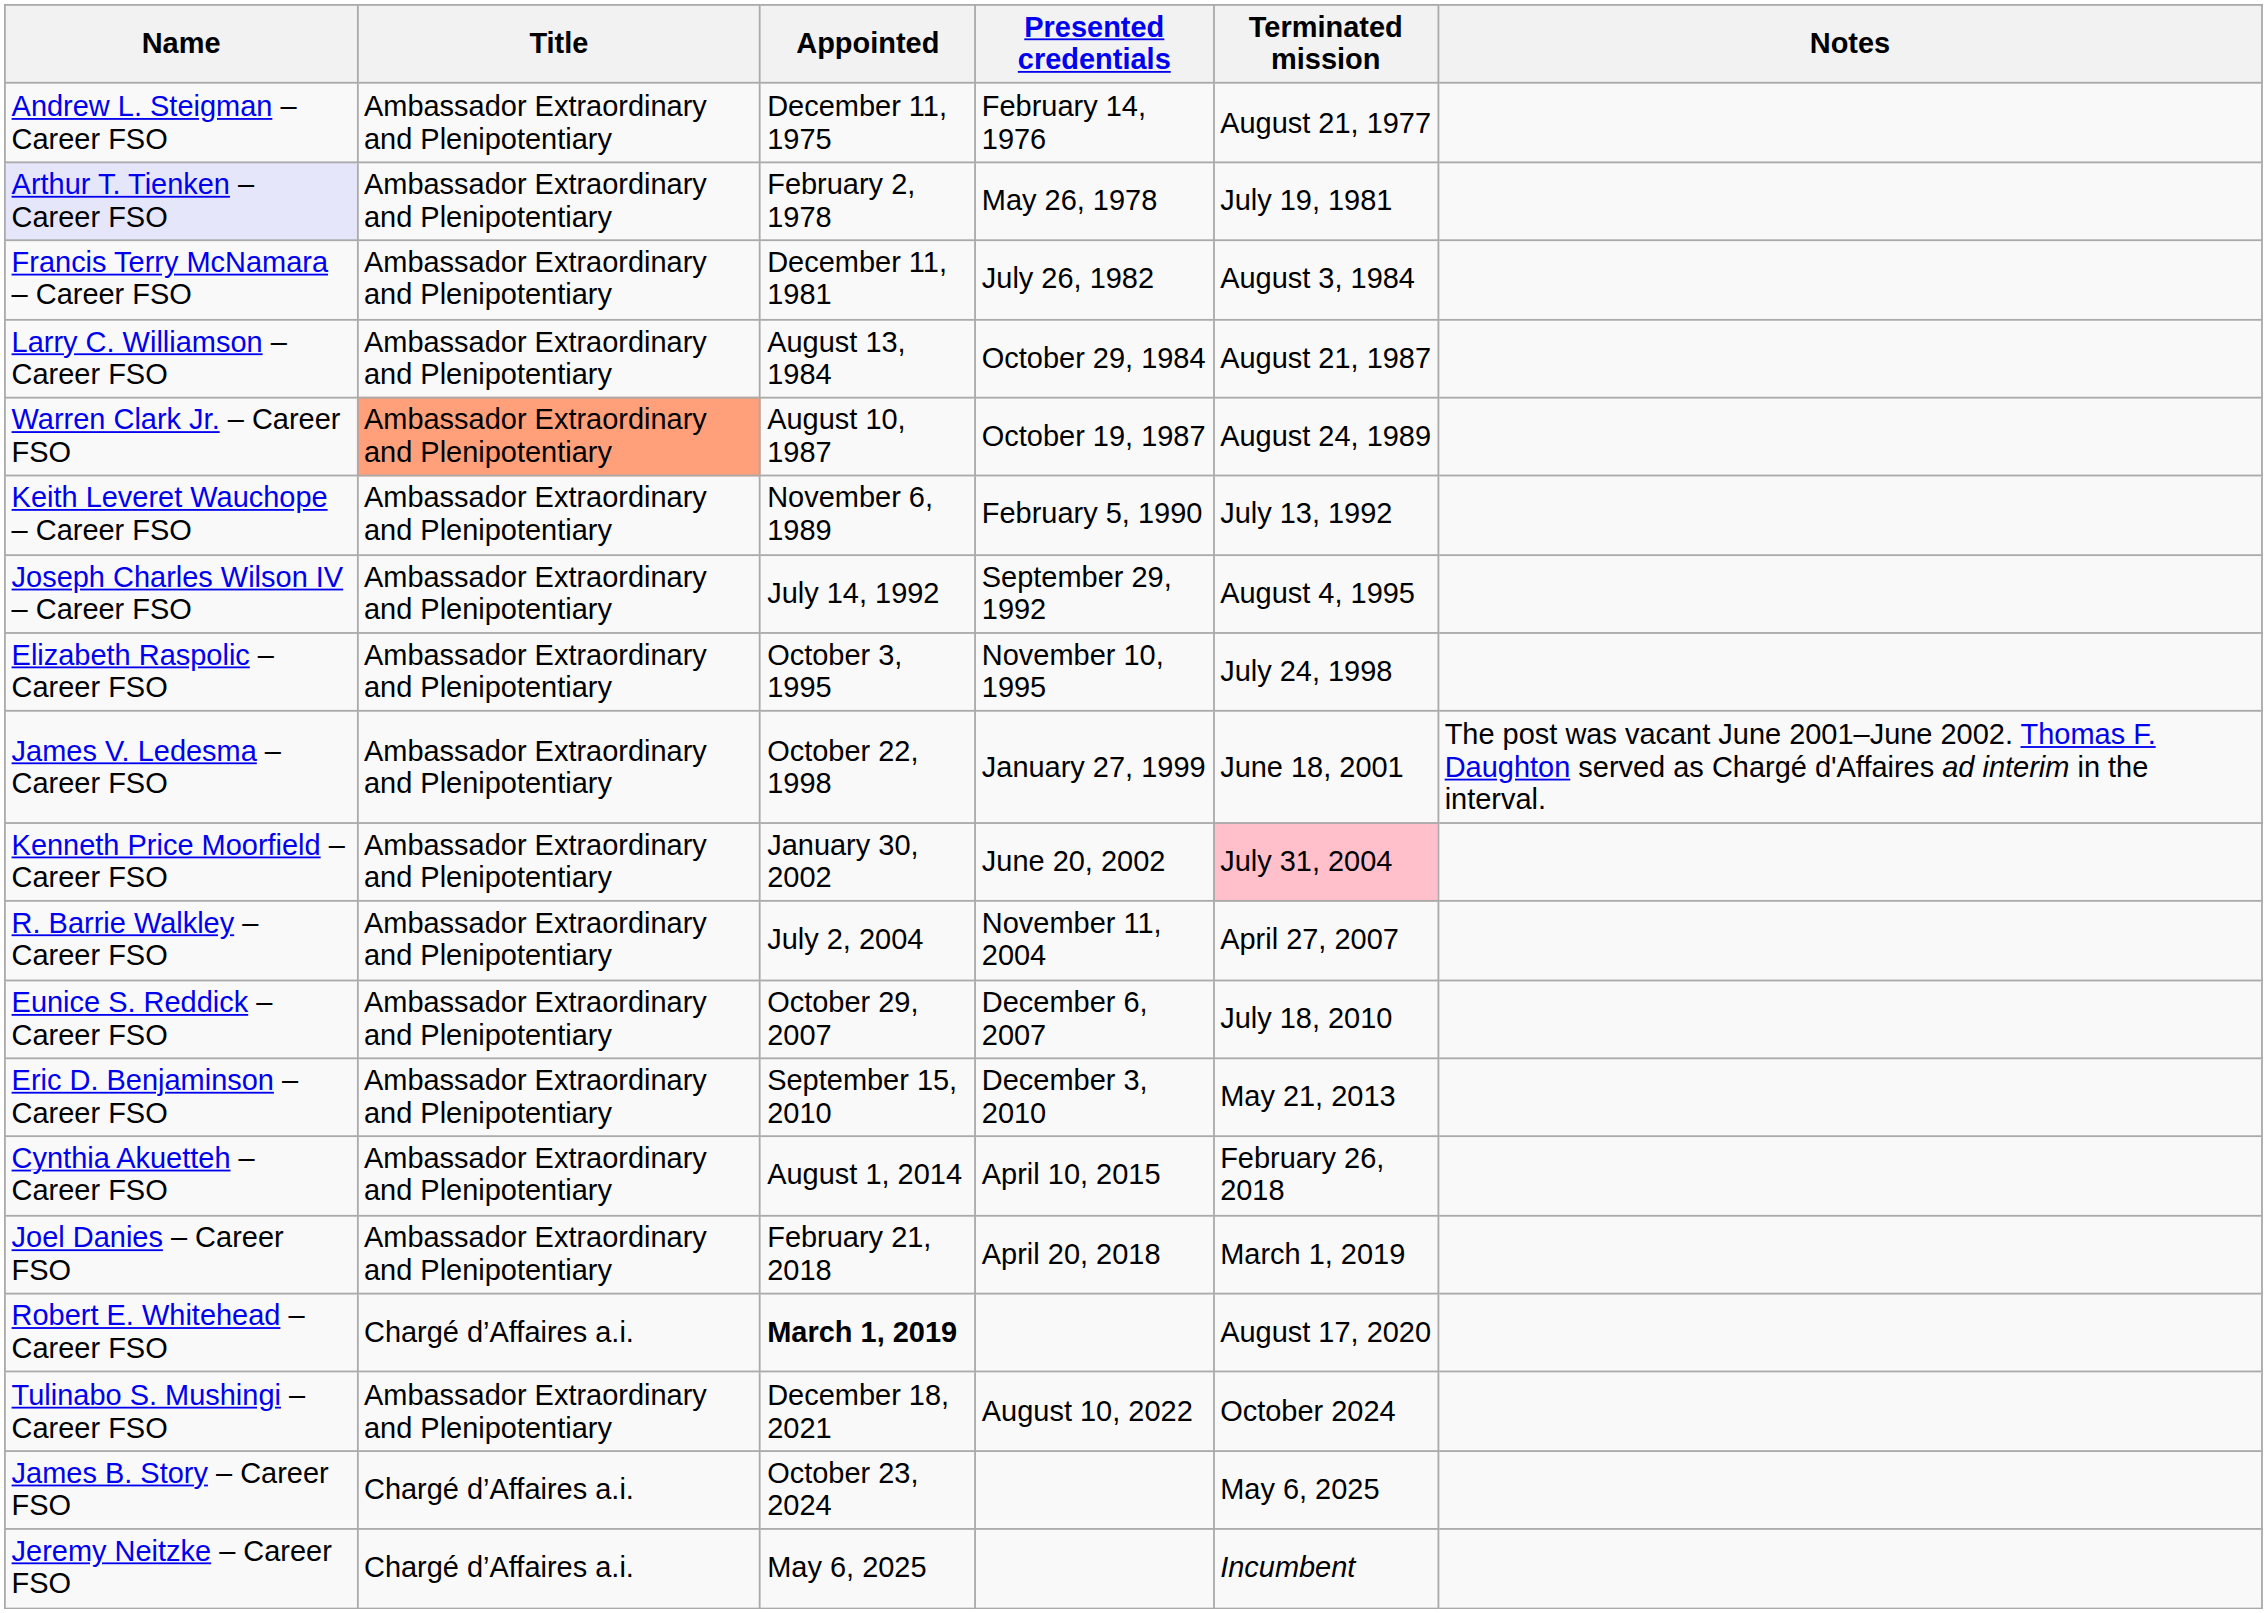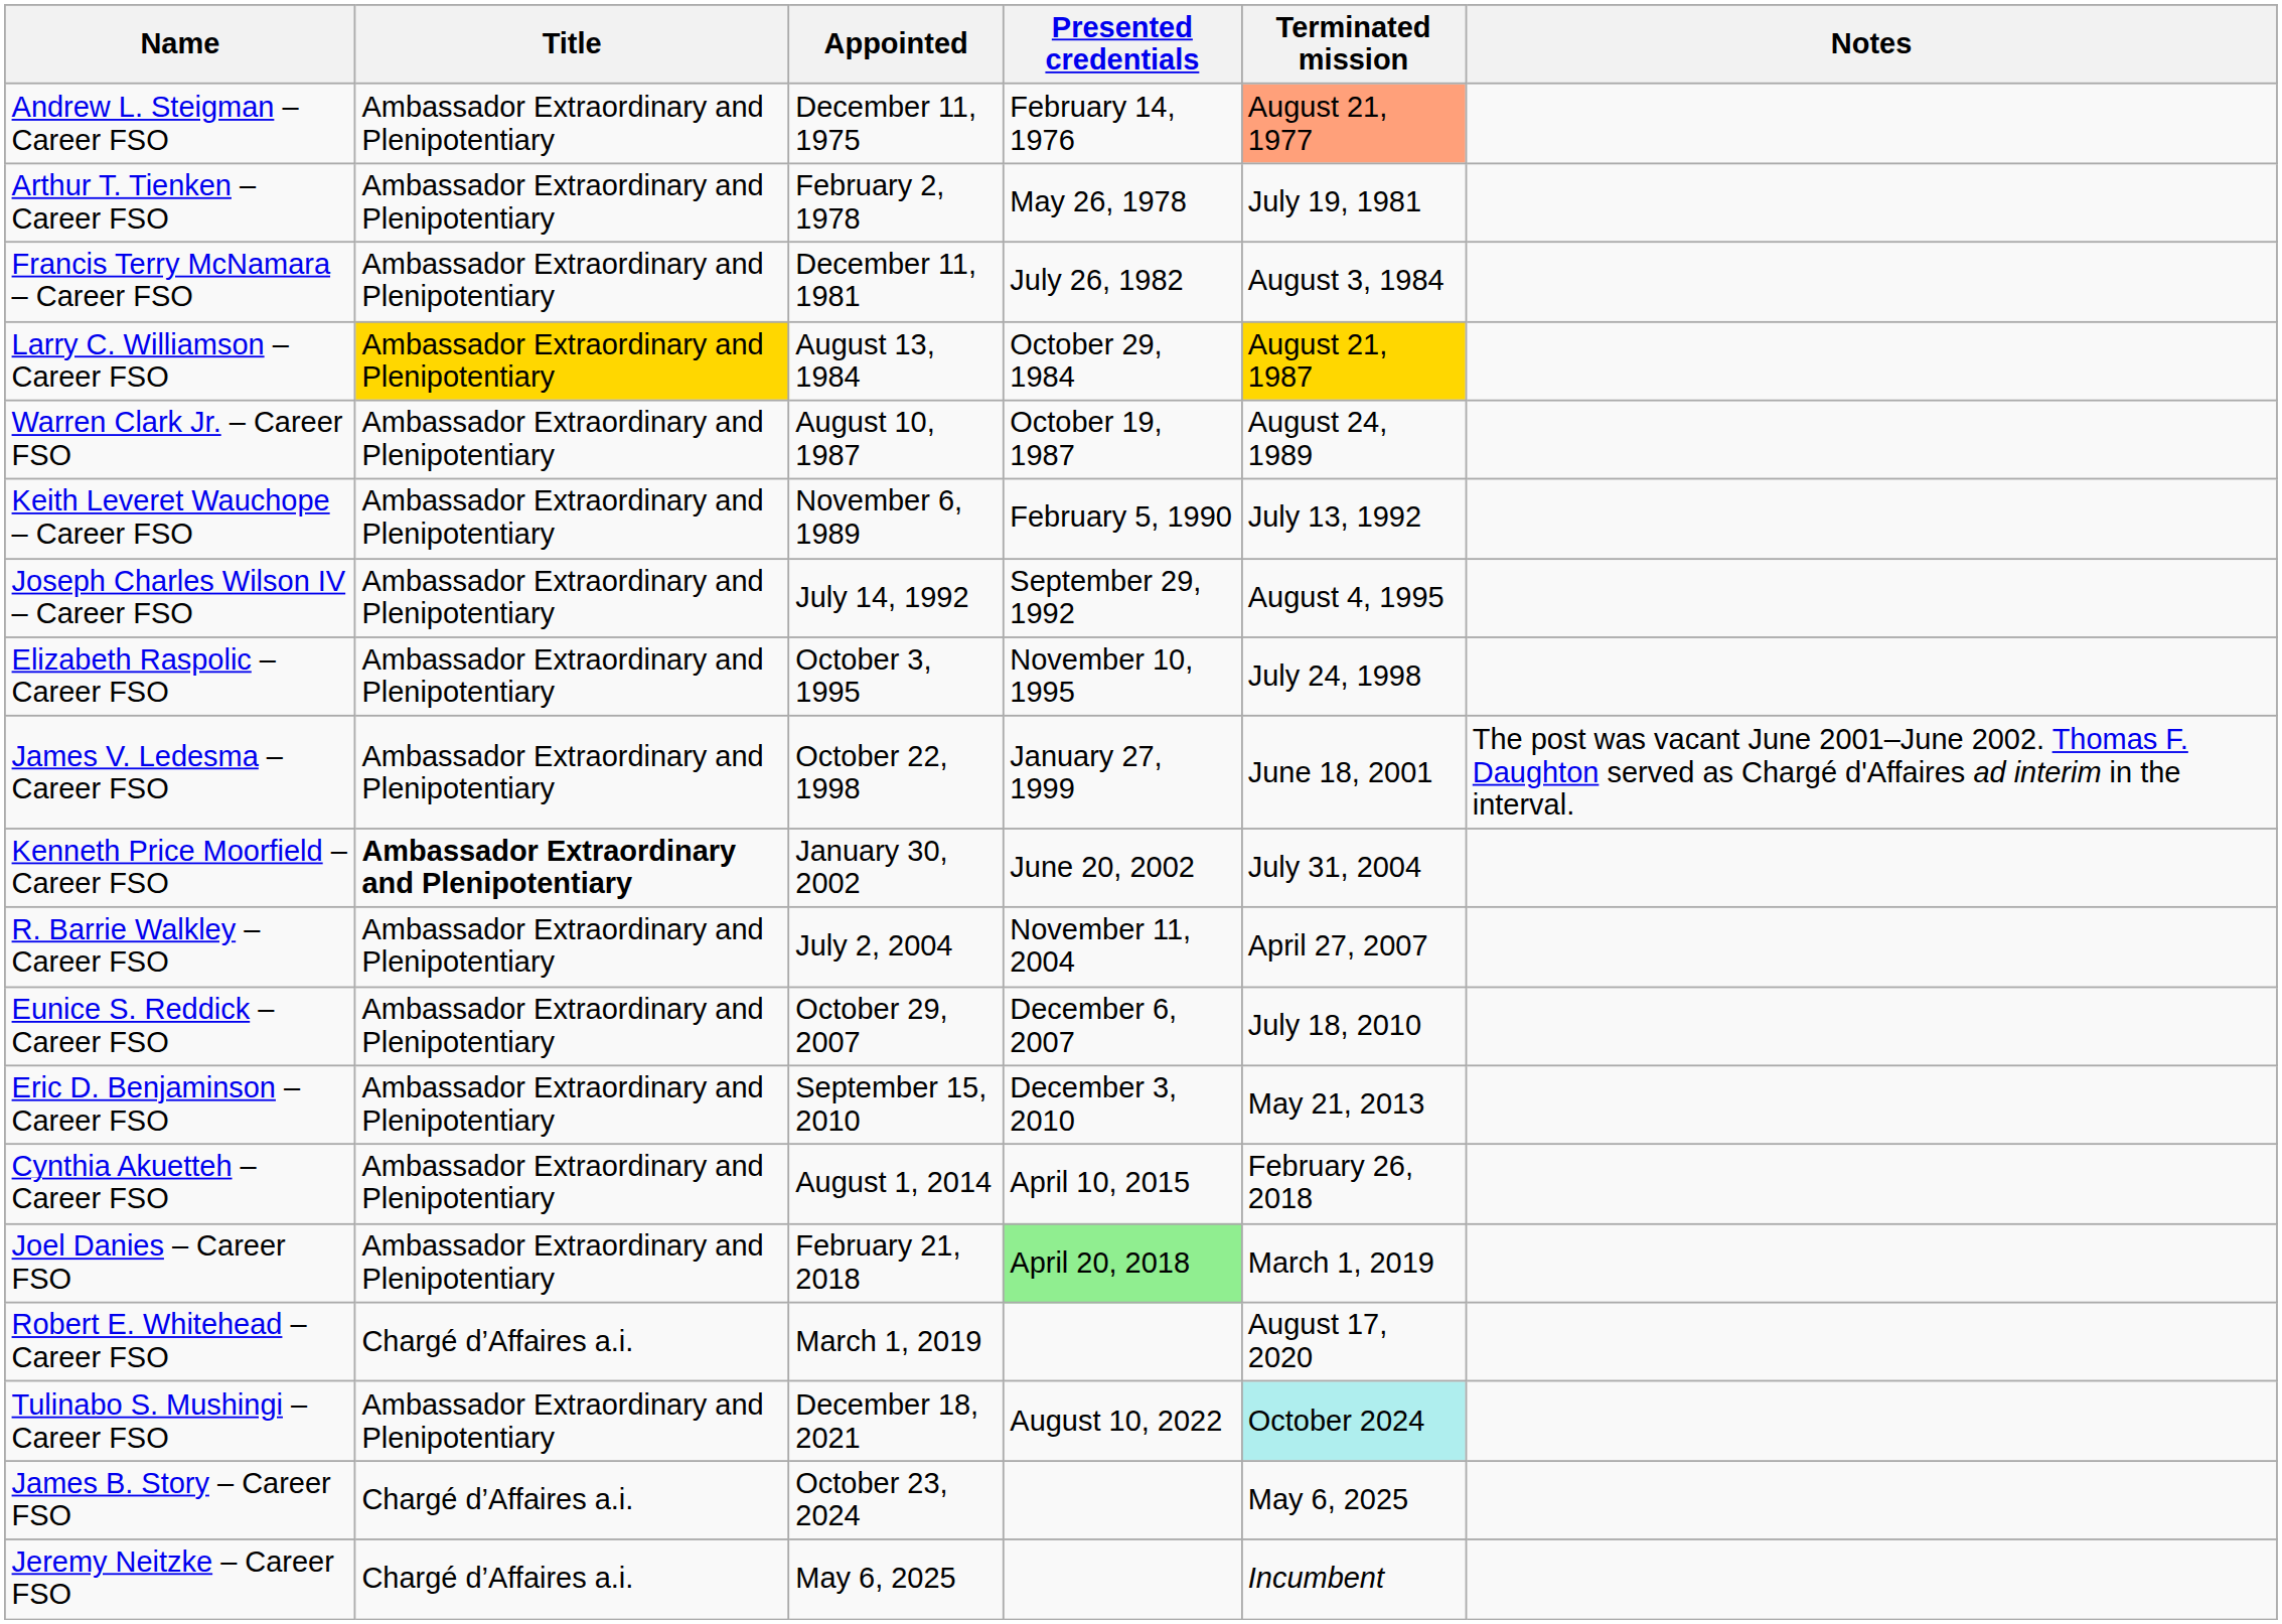 <table class="wikitable">
 <tr>
 <th>Name</th>
 <th>Title</th>
 <th>Appointed</th>
 <th><a href='#'>Presented credentials</a></th>
 <th>Terminated mission</th>
 <th>Notes</th>
 </tr>
 <tr>
 <td><a href='#'>Andrew L. Steigman</a> – Career FSO</td>
 <td>Ambassador Extraordinary and Plenipotentiary</td>
 <td>December 11, 1975</td>
 <td>February 14, 1976</td>
-<td>August 21, 1977</td>
+<td style="background: lightsalmon;">August 21, 1977</td>
 <td></td>
 </tr>
 <tr>
-<td style="background: lavender;"><a href='#'>Arthur T. Tienken</a> – Career FSO</td>
+<td><a href='#'>Arthur T. Tienken</a> – Career FSO</td>
 <td>Ambassador Extraordinary and Plenipotentiary</td>
 <td>February 2, 1978</td>
 <td>May 26, 1978</td>
 <td>July 19, 1981</td>
 <td></td>
 </tr>
 <tr>
 <td><a href='#'>Francis Terry McNamara</a> – Career FSO</td>
 <td>Ambassador Extraordinary and Plenipotentiary</td>
 <td>December 11, 1981</td>
 <td>July 26, 1982</td>
 <td>August 3, 1984</td>
 <td></td>
 </tr>
 <tr>
 <td><a href='#'>Larry C. Williamson</a> – Career FSO</td>
-<td>Ambassador Extraordinary and Plenipotentiary</td>
+<td style="background: gold;">Ambassador Extraordinary and Plenipotentiary</td>
 <td>August 13, 1984</td>
 <td>October 29, 1984</td>
-<td>August 21, 1987</td>
+<td style="background: gold;">August 21, 1987</td>
 <td></td>
 </tr>
 <tr>
 <td><a href='#'>Warren Clark Jr.</a> – Career FSO</td>
-<td style="background: lightsalmon;">Ambassador Extraordinary and Plenipotentiary</td>
+<td>Ambassador Extraordinary and Plenipotentiary</td>
 <td>August 10, 1987</td>
 <td>October 19, 1987</td>
 <td>August 24, 1989</td>
 <td></td>
 </tr>
 <tr>
 <td><a href='#'>Keith Leveret Wauchope</a> – Career FSO</td>
 <td>Ambassador Extraordinary and Plenipotentiary</td>
 <td>November 6, 1989</td>
 <td>February 5, 1990</td>
 <td>July 13, 1992</td>
 <td></td>
 </tr>
 <tr>
 <td><a href='#'>Joseph Charles Wilson IV</a> – Career FSO</td>
 <td>Ambassador Extraordinary and Plenipotentiary</td>
 <td>July 14, 1992</td>
 <td>September 29, 1992</td>
 <td>August 4, 1995</td>
 <td></td>
 </tr>
 <tr>
 <td><a href='#'>Elizabeth Raspolic</a> – Career FSO</td>
 <td>Ambassador Extraordinary and Plenipotentiary</td>
 <td>October 3, 1995</td>
 <td>November 10, 1995</td>
 <td>July 24, 1998</td>
 <td></td>
 </tr>
 <tr>
 <td><a href='#'>James V. Ledesma</a> – Career FSO</td>
 <td>Ambassador Extraordinary and Plenipotentiary</td>
 <td>October 22, 1998</td>
 <td>January 27, 1999</td>
 <td>June 18, 2001</td>
 <td>The post was vacant June 2001–June 2002. <a href='#'>Thomas F. Daughton</a> served as Chargé d'Affaires <em>ad interim</em> in the interval.</td>
 </tr>
 <tr>
 <td><a href='#'>Kenneth Price Moorfield</a> – Career FSO</td>
-<td>Ambassador Extraordinary and Plenipotentiary</td>
+<td><strong>Ambassador Extraordinary and Plenipotentiary</strong></td>
 <td>January 30, 2002</td>
 <td>June 20, 2002</td>
-<td style="background: pink;">July 31, 2004</td>
+<td>July 31, 2004</td>
 <td></td>
 </tr>
 <tr>
 <td><a href='#'>R. Barrie Walkley</a> – Career FSO</td>
 <td>Ambassador Extraordinary and Plenipotentiary</td>
 <td>July 2, 2004</td>
 <td>November 11, 2004</td>
 <td>April 27, 2007</td>
 <td></td>
 </tr>
 <tr>
 <td><a href='#'>Eunice S. Reddick</a> – Career FSO</td>
 <td>Ambassador Extraordinary and Plenipotentiary</td>
 <td>October 29, 2007</td>
 <td>December 6, 2007</td>
 <td>July 18, 2010</td>
 <td></td>
 </tr>
 <tr>
 <td><a href='#'>Eric D. Benjaminson</a> – Career FSO</td>
 <td>Ambassador Extraordinary and Plenipotentiary</td>
 <td>September 15, 2010</td>
 <td>December 3, 2010</td>
 <td>May 21, 2013</td>
 <td></td>
 </tr>
 <tr>
 <td><a href='#'>Cynthia Akuetteh</a> – Career FSO</td>
 <td>Ambassador Extraordinary and Plenipotentiary</td>
 <td>August 1, 2014</td>
 <td>April 10, 2015</td>
 <td>February 26, 2018</td>
 <td></td>
 </tr>
 <tr>
 <td><a href='#'>Joel Danies</a> – Career FSO</td>
 <td>Ambassador Extraordinary and Plenipotentiary</td>
 <td>February 21, 2018</td>
-<td>April 20, 2018</td>
+<td style="background: lightgreen;">April 20, 2018</td>
 <td>March 1, 2019</td>
 <td></td>
 </tr>
 <tr>
 <td><a href='#'>Robert E. Whitehead</a> – Career FSO</td>
 <td>Chargé d’Affaires a.i.</td>
-<td><strong>March 1, 2019</strong></td>
+<td>March 1, 2019</td>
 <td></td>
 <td>August 17, 2020</td>
 <td></td>
 </tr>
 <tr>
 <td><a href='#'>Tulinabo S. Mushingi</a> – Career FSO</td>
 <td>Ambassador Extraordinary and Plenipotentiary</td>
 <td>December 18, 2021</td>
 <td>August 10, 2022</td>
-<td>October 2024</td>
+<td style="background: paleturquoise;">October 2024</td>
 <td></td>
 </tr>
 <tr>
 <td><a href='#'>James B. Story</a> – Career FSO</td>
 <td>Chargé d’Affaires a.i.</td>
 <td>October 23, 2024</td>
 <td></td>
 <td>May 6, 2025</td>
 <td></td>
 </tr>
 <tr>
 <td><a href='#'>Jeremy Neitzke</a> – Career FSO</td>
 <td>Chargé d’Affaires a.i.</td>
 <td>May 6, 2025</td>
 <td></td>
 <td><em>Incumbent</em></td>
 <td></td>
 </tr>
 </table>
